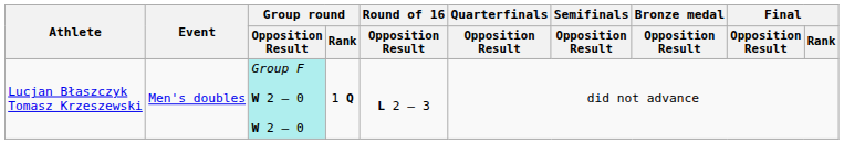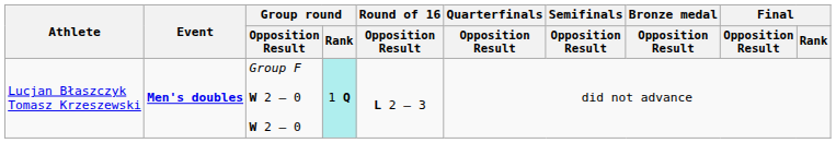 <table class="wikitable" style="font-size:90%;">
 <tr>
 <th rowspan="2">Athlete</th>
 <th rowspan="2">Event</th>
 <th colspan="2">Group round</th>
 <th>Round of 16</th>
 <th>Quarterfinals</th>
 <th>Semifinals</th>
 <th>Bronze medal</th>
 <th colspan=2>Final</th>
 </tr>
 <tr style="font-size:95%">
 <th>Opposition<br>Result</th>
 <th>Rank</th>
 <th>Opposition<br>Result</th>
 <th>Opposition<br>Result</th>
 <th>Opposition<br>Result</th>
 <th>Opposition<br>Result</th>
 <th>Opposition<br>Result</th>
 <th>Rank</th>
 </tr>
 <tr align=center>
 <td align=left><a href='#'>Lucjan Błaszczyk</a><br><a href='#'>Tomasz Krzeszewski</a></td>
-<td align=left><a href='#'>Men's doubles</a></td>
-<td align=left style="background: paleturquoise;"><em>Group F</em><br><br><strong>W</strong> 2 – 0<br><br><strong>W</strong> 2 – 0</td>
-<td>1 <strong>Q</strong></td>
+<td align=left><strong><a href='#'>Men's doubles</a></strong></td>
+<td align=left><em>Group F</em><br><br><strong>W</strong> 2 – 0<br><br><strong>W</strong> 2 – 0</td>
+<td style="background: paleturquoise;">1 <strong>Q</strong></td>
 <td align=center><br><strong>L</strong> 2 – 3</td>
 <td colspan=6>did not advance</td>
 </tr>
 </table>
